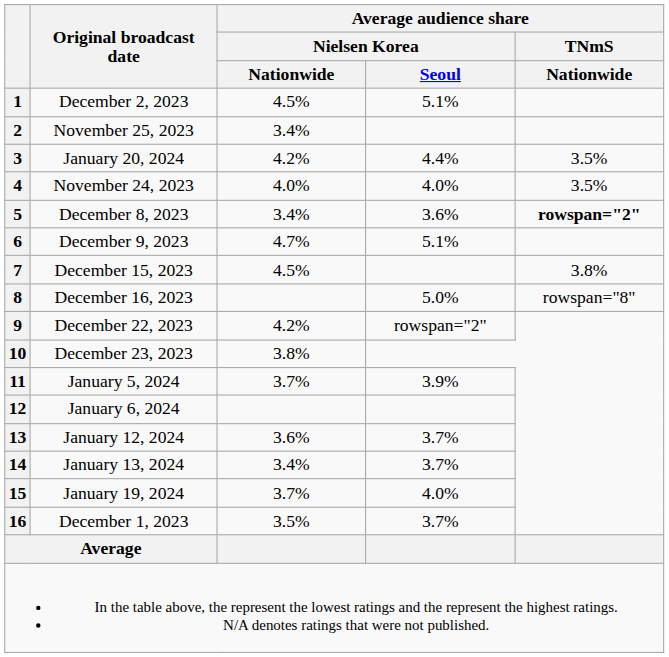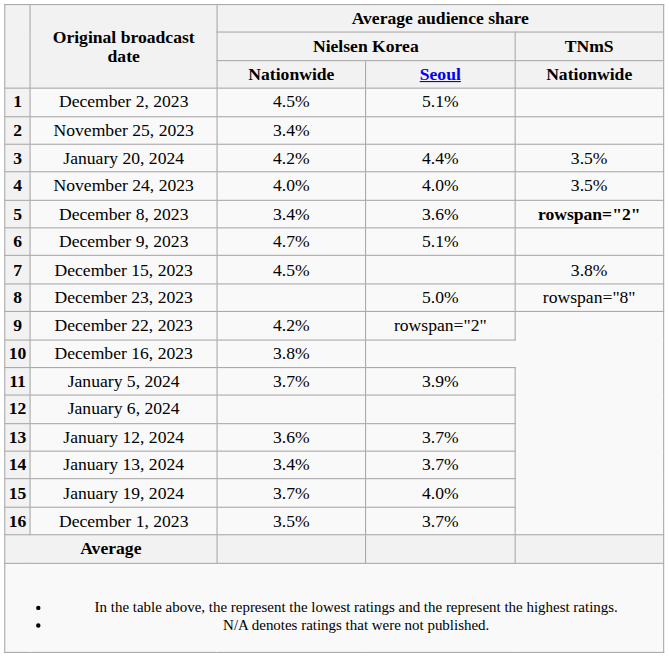 <table class="wikitable" style="margin-left:auto; margin-right:auto; width:600px; text-align:center">
 <tr>
 <th scope="col" rowspan="3"></th>
 <th scope="col" rowspan="3">Original broadcast date</th>
 <th scope="col" colspan="3">Average audience share</th>
 </tr>
 <tr>
 <th scope="col" colspan="2">Nielsen Korea</th>
 <th scope="col">TNmS</th>
 </tr>
 <tr>
 <th scope="col" style="width:8em">Nationwide</th>
 <th scope="col" style="width:8em"><a href='#'>Seoul</a></th>
 <th scope="col" style="width:8em">Nationwide</th>
 </tr>
 <tr>
 <th scope="col">1</th>
 <td>December 2, 2023</td>
 <td>4.5% </td>
 <td>5.1% </td>
 <td></td>
 </tr>
 <tr>
 <th scope="col">2</th>
 <td>November 25, 2023</td>
 <td>3.4% </td>
 <td><strong></strong> </td>
 <td><strong></strong> </td>
 </tr>
 <tr>
 <th scope="col">3</th>
 <td>January 20, 2024</td>
 <td>4.2% </td>
 <td>4.4% </td>
 <td>3.5% </td>
 </tr>
 <tr>
 <th scope="col">4</th>
 <td>November 24, 2023</td>
 <td>4.0% </td>
 <td>4.0% </td>
 <td>3.5% </td>
 </tr>
 <tr>
 <th scope="col">5</th>
 <td>December 8, 2023</td>
 <td>3.4% </td>
 <td>3.6% </td>
 <td><strong>rowspan="2" </strong></td>
 </tr>
 <tr>
 <th scope="col">6</th>
 <td>December 9, 2023</td>
 <td>4.7% </td>
 <td>5.1% </td>
 </tr>
 <tr>
 <th scope="col">7</th>
 <td>December 15, 2023</td>
 <td>4.5% </td>
 <td><strong></strong> </td>
 <td>3.8% </td>
 </tr>
 <tr>
 <th scope="col">8</th>
-<td>December 16, 2023</td>
+<td>December 23, 2023</td>
 <td><strong></strong> </td>
 <td>5.0% </td>
 <td>rowspan="8" </td>
 </tr>
 <tr>
 <th scope="col">9</th>
 <td>December 22, 2023</td>
 <td>4.2% </td>
 <td>rowspan="2" </td>
 </tr>
 <tr>
 <th scope="col">10</th>
-<td>December 23, 2023</td>
+<td>December 16, 2023</td>
 <td>3.8% </td>
 </tr>
 <tr>
 <th scope="col">11</th>
 <td>January 5, 2024</td>
 <td>3.7% </td>
 <td>3.9% </td>
 </tr>
 <tr>
 <th scope="col">12</th>
 <td>January 6, 2024</td>
 <td><strong></strong> </td>
 <td></td>
 </tr>
 <tr>
 <th scope="col">13</th>
 <td>January 12, 2024</td>
 <td>3.6% </td>
 <td>3.7% </td>
 </tr>
 <tr>
 <th scope="col">14</th>
 <td>January 13, 2024</td>
 <td>3.4% </td>
 <td>3.7% </td>
 </tr>
 <tr>
 <th scope="col">15</th>
 <td>January 19, 2024</td>
 <td>3.7% </td>
 <td>4.0% </td>
 </tr>
 <tr>
 <th scope="col">16</th>
 <td>December 1, 2023</td>
 <td>3.5% </td>
 <td>3.7% </td>
 </tr>
 <tr>
 <th scope="col" colspan="2">Average</th>
 <th scope="col"></th>
 <th scope="col"></th>
 <th scope="col"></th>
 </tr>
 <tr>
 <td colspan="5" style="font-size:85%"><br><ul><li>In the table above, the <strong></strong> represent the lowest ratings and the <strong></strong> represent the highest ratings.</li><li>N/A denotes ratings that were not published.</li></ul></td>
 </tr>
 </table>
